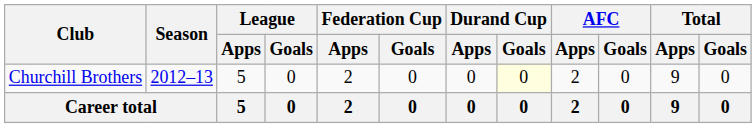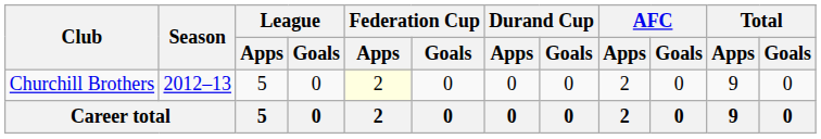 <table class="wikitable" style="font-size:90%; text-align:center;">
 <tr>
 <th rowspan="2">Club</th>
 <th rowspan="2">Season</th>
 <th colspan="2">League</th>
 <th colspan="2">Federation Cup</th>
 <th colspan="2">Durand Cup</th>
 <th colspan="2"><a href='#'>AFC</a></th>
 <th colspan="2">Total</th>
 </tr>
 <tr>
 <th>Apps</th>
 <th>Goals</th>
 <th>Apps</th>
 <th>Goals</th>
 <th>Apps</th>
 <th>Goals</th>
 <th>Apps</th>
 <th>Goals</th>
 <th>Apps</th>
 <th>Goals</th>
 </tr>
 <tr>
 <td rowspan="1"><a href='#'>Churchill Brothers</a></td>
 <td><a href='#'>2012–13</a></td>
 <td>5</td>
 <td>0</td>
-<td>2</td>
+<td style="background: lightyellow;">2</td>
 <td>0</td>
 <td>0</td>
-<td style="background: lightyellow;">0</td>
+<td>0</td>
 <td>2</td>
 <td>0</td>
 <td>9</td>
 <td>0</td>
 </tr>
 <tr>
 <th colspan="2">Career total</th>
 <th>5</th>
 <th>0</th>
 <th>2</th>
 <th>0</th>
 <th>0</th>
 <th>0</th>
 <th>2</th>
 <th>0</th>
 <th>9</th>
 <th>0</th>
 </tr>
 </table>
